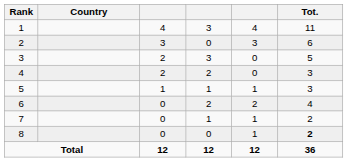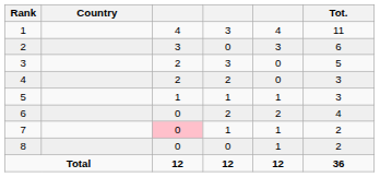 <table class=wikitable width=40% cellspacing="1" cellpadding="3" style="border:1px solid #AAAAAA;font-size:90%; text-align:center">
 <tr bgcolor="#EFEFEF">
 <th width=10%>Rank</th>
 <th width=30%>Country</th>
 <th></th>
 <th></th>
 <th></th>
 <th>Tot.</th>
 </tr>
 <tr>
 <td>1</td>
 <td align=left></td>
 <td>4</td>
 <td>3</td>
 <td>4</td>
 <td>11</td>
 </tr>
 <tr bgcolor="#efefef">
 <td>2</td>
 <td align=left></td>
 <td>3</td>
 <td>0</td>
 <td>3</td>
 <td>6</td>
 </tr>
 <tr>
 <td>3</td>
 <td align=left></td>
 <td>2</td>
 <td>3</td>
 <td>0</td>
 <td>5</td>
 </tr>
 <tr bgcolor="#efefef">
 <td>4</td>
 <td align=left></td>
 <td>2</td>
 <td>2</td>
 <td>0</td>
 <td>3</td>
 </tr>
 <tr>
 <td>5</td>
 <td align=left></td>
 <td>1</td>
 <td>1</td>
 <td>1</td>
 <td>3</td>
 </tr>
 <tr bgcolor="#efefef">
 <td>6</td>
 <td align=left></td>
 <td>0</td>
 <td>2</td>
 <td>2</td>
 <td>4</td>
 </tr>
 <tr>
 <td>7</td>
 <td align=left></td>
-<td>0</td>
+<td style="background: pink;">0</td>
 <td>1</td>
 <td>1</td>
 <td>2</td>
 </tr>
 <tr bgcolor="#efefef">
 <td>8</td>
 <td align=left></td>
 <td>0</td>
 <td>0</td>
 <td>1</td>
-<td><strong>2</strong></td>
+<td>2</td>
 </tr>
 <tr>
 <td colspan=2><strong>Total</strong></td>
 <td><strong>12</strong></td>
 <td><strong>12</strong></td>
 <td><strong>12</strong></td>
 <td><strong>36</strong></td>
 </tr>
 </table>
